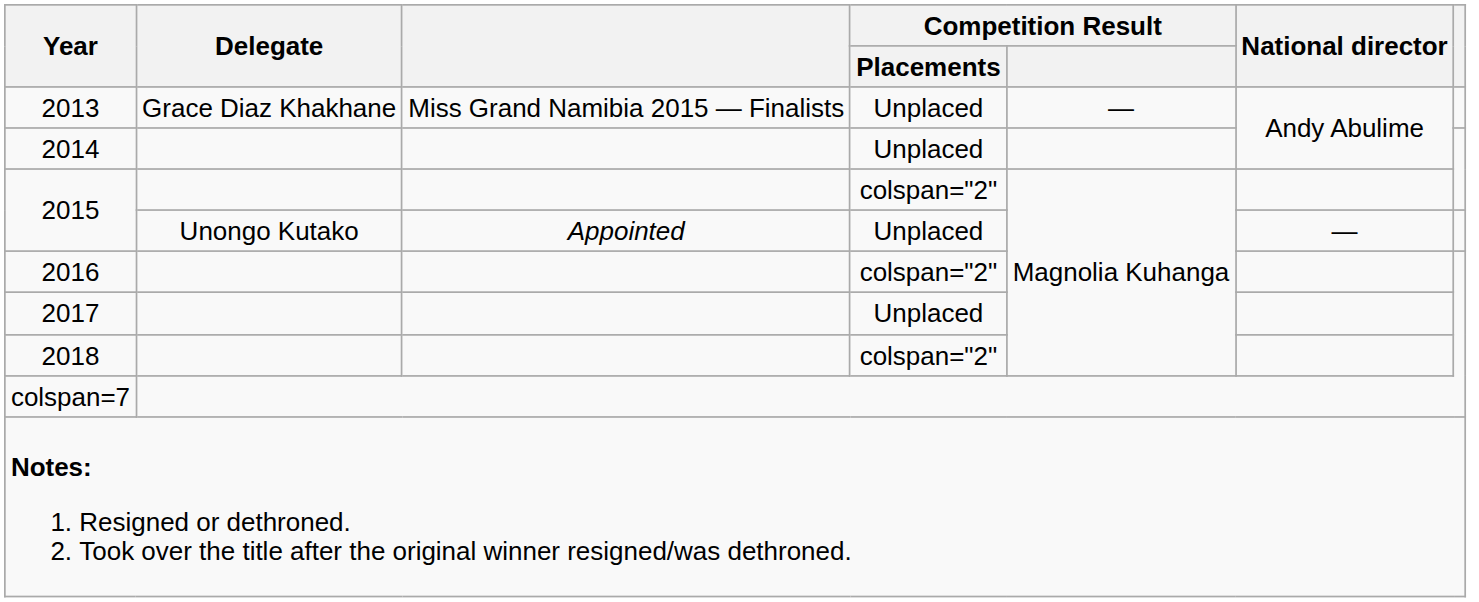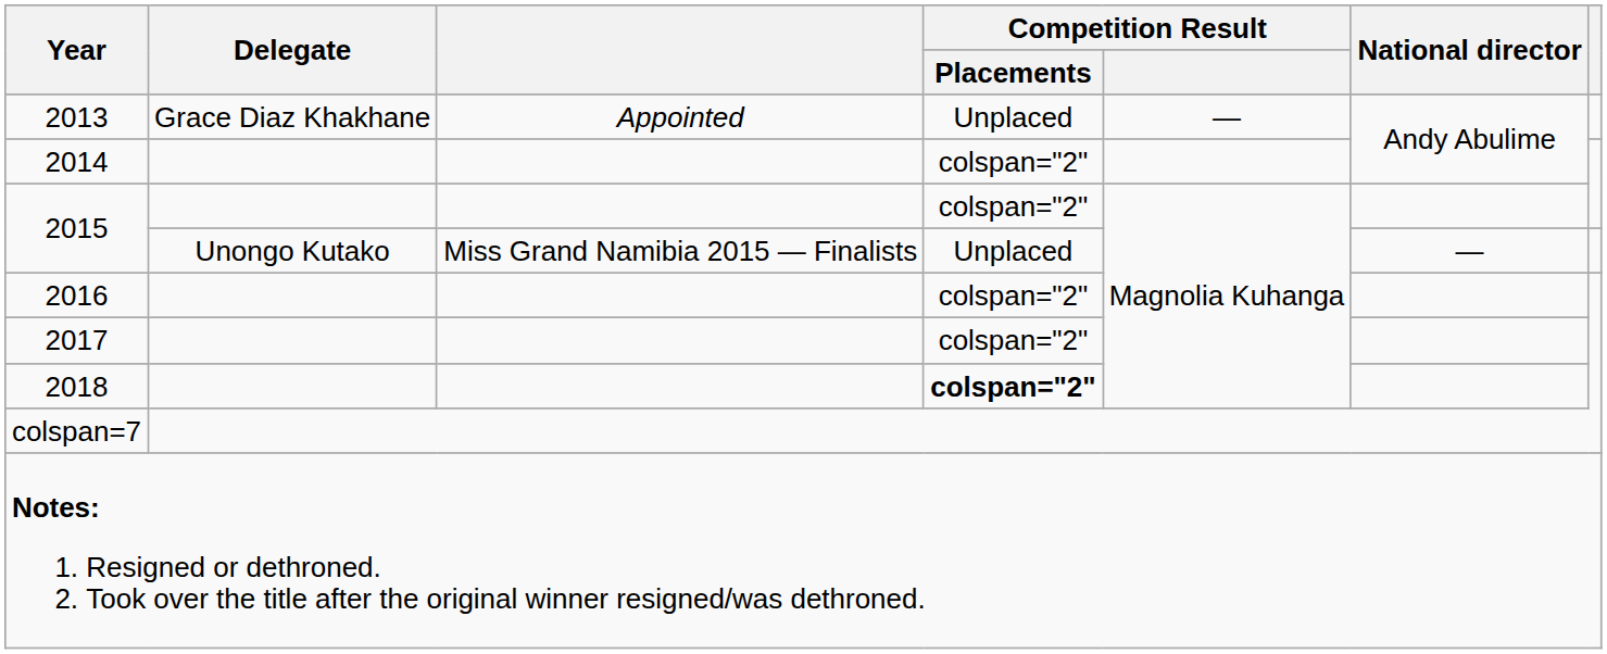 <table class="wikitable" style="font-size:95%; text-align:center">
 <tr>
 <th rowspan="2">Year</th>
 <th rowspan="2">Delegate</th>
 <th rowspan="2"></th>
 <th colspan="2">Competition Result</th>
 <th rowspan="2">National director</th>
 <th rowspan="2"></th>
 </tr>
 <tr>
 <th>Placements</th>
 <th></th>
 </tr>
 <tr>
 <td>2013</td>
 <td>Grace Diaz Khakhane</td>
-<td>Miss Grand Namibia 2015 — Finalists</td>
+<td><em>Appointed</em></td>
 <td>Unplaced</td>
 <td>—</td>
 <td rowspan=2>Andy Abulime</td>
 <td></td>
 </tr>
 <tr>
 <td>2014</td>
 <td></td>
 <td></td>
-<td>Unplaced</td>
+<td>colspan="2" </td>
 <td></td>
 </tr>
 <tr>
 <td rowspan="2">2015</td>
 <td></td>
 <td></td>
 <td>colspan="2" </td>
 <td rowspan=5>Magnolia Kuhanga</td>
 <td></td>
 </tr>
 <tr>
 <td>Unongo Kutako</td>
-<td><em>Appointed</em></td>
+<td>Miss Grand Namibia 2015 — Finalists</td>
 <td>Unplaced</td>
 <td>—</td>
 <td></td>
 </tr>
 <tr>
 <td>2016</td>
 <td></td>
 <td></td>
 <td>colspan="2" </td>
 <td></td>
 </tr>
 <tr>
 <td>2017</td>
 <td></td>
 <td></td>
-<td>Unplaced</td>
+<td>colspan="2" </td>
 <td></td>
 </tr>
 <tr>
 <td>2018</td>
 <td></td>
 <td></td>
-<td>colspan="2" </td>
+<td><strong>colspan="2" </strong></td>
 <td></td>
 </tr>
 <tr>
 <td>colspan=7 </td>
 </tr>
 <tr>
 <td colspan="7" align=Left><br><strong>Notes:</strong><ol><li> Resigned or dethroned.</li><li> Took over the title after the original winner resigned/was dethroned.</li></ol></td>
 </tr>
 </table>
